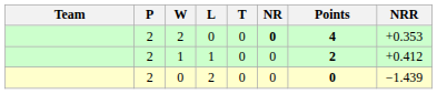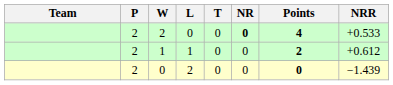 <table class="wikitable" style="text-align:center;">
 <tr>
 <th width=150>Team</th>
 <th style="width:30px;" abbr="Played">P</th>
 <th style="width:30px;" abbr="Won">W</th>
 <th style="width:30px;" abbr="Lost">L</th>
 <th style="width:30px;" abbr="Tied">T</th>
 <th style="width:30px;" abbr="No result">NR</th>
 <th style="width:100px;" abbr="Points">Points</th>
 <th style="width:60px;" abbr="Net run rate">NRR</th>
 </tr>
 <tr style="background:#cfc;">
 <td style="text-align:left;"></td>
 <td>2</td>
 <td>2</td>
 <td>0</td>
 <td>0</td>
 <td><strong>0</strong></td>
 <td><strong>4</strong></td>
-<td>+0.353</td>
+<td>+0.533</td>
 </tr>
 <tr style="background:#cfc;">
 <td style="text-align:left;"></td>
 <td>2</td>
 <td>1</td>
 <td>1</td>
 <td>0</td>
 <td>0</td>
 <td><strong>2</strong></td>
-<td>+0.412</td>
+<td>+0.612</td>
 </tr>
 <tr style="background:#ffc;">
 <td style="text-align:left;"></td>
 <td>2</td>
 <td>0</td>
 <td>2</td>
 <td>0</td>
 <td>0</td>
 <td><strong>0</strong></td>
 <td>−1.439</td>
 </tr>
 </table>
